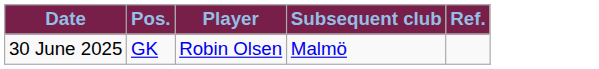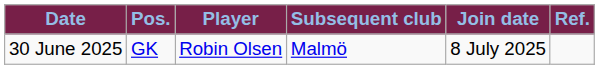 <table class="wikitable plainrowheaders sortable">
 <tr>
 <th style="background:#771F48; color:#94BEE5; ">Date</th>
 <th style="background:#771F48; color:#94BEE5; ">Pos.</th>
 <th style="background:#771F48; color:#94BEE5; ">Player</th>
 <th style="background:#771F48; color:#94BEE5; ">Subsequent club</th>
+<th style="background:#771F48; color:#94BEE5; ">Join date</th>
 <th style="background:#771F48; color:#94BEE5; ">Ref.</th>
 </tr>
 <tr>
 <td>30 June 2025</td>
 <td><a href='#'>GK</a></td>
 <td> <a href='#'>Robin Olsen</a></td>
 <td> <a href='#'>Malmö</a></td>
+<td>8 July 2025</td>
 <td></td>
 </tr>
 </table>
